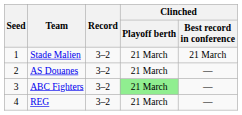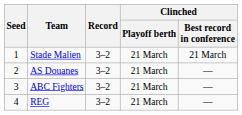 <table class="wikitable" style="font-size:95%; text-align:center">
 <tr>
 <th rowspan="2">Seed</th>
 <th rowspan="2">Team</th>
 <th rowspan="2">Record</th>
 <th colspan="2">Clinched</th>
 </tr>
 <tr>
 <th>Playoff berth</th>
 <th>Best record<br>in conference</th>
 </tr>
 <tr>
 <td>1</td>
 <td align="left"> <a href='#'>Stade Malien</a></td>
 <td>3–2</td>
 <td>21 March</td>
 <td>21 March</td>
 </tr>
 <tr>
 <td>2</td>
 <td align="left"> <a href='#'>AS Douanes</a></td>
 <td>3–2</td>
 <td>21 March</td>
 <td>—</td>
 </tr>
 <tr>
 <td>3</td>
 <td align="left"> <a href='#'>ABC Fighters</a></td>
 <td>3–2</td>
-<td style="background: lightgreen;">21 March</td>
+<td>21 March</td>
 <td>—</td>
 </tr>
 <tr>
 <td>4</td>
 <td align="left"> <a href='#'>REG</a></td>
 <td>3–2</td>
 <td>21 March</td>
 <td>—</td>
 </tr>
 </table>
